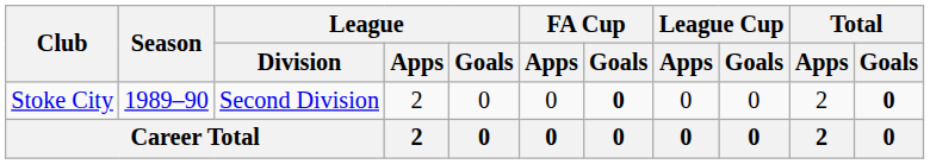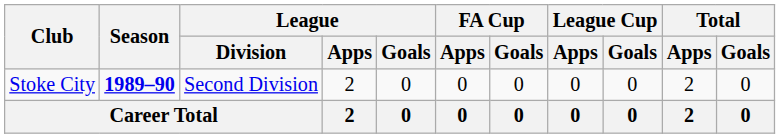 <table class="wikitable" style="text-align: center;">
 <tr>
 <th rowspan="2">Club</th>
 <th rowspan="2">Season</th>
 <th colspan="3">League</th>
 <th colspan="2">FA Cup</th>
 <th colspan="2">League Cup</th>
 <th colspan="2">Total</th>
 </tr>
 <tr>
 <th>Division</th>
 <th>Apps</th>
 <th>Goals</th>
 <th>Apps</th>
 <th>Goals</th>
 <th>Apps</th>
 <th>Goals</th>
 <th>Apps</th>
 <th>Goals</th>
 </tr>
 <tr>
 <td><a href='#'>Stoke City</a></td>
-<td><a href='#'>1989–90</a></td>
+<td><strong><a href='#'>1989–90</a></strong></td>
 <td><a href='#'>Second Division</a></td>
 <td>2</td>
 <td>0</td>
 <td>0</td>
-<td><strong>0</strong></td>
+<td>0</td>
 <td>0</td>
 <td>0</td>
 <td>2</td>
-<td><strong>0</strong></td>
+<td>0</td>
 </tr>
 <tr>
 <th colspan="3">Career Total</th>
 <th>2</th>
 <th>0</th>
 <th>0</th>
 <th>0</th>
 <th>0</th>
 <th>0</th>
 <th>2</th>
 <th>0</th>
 </tr>
 </table>
